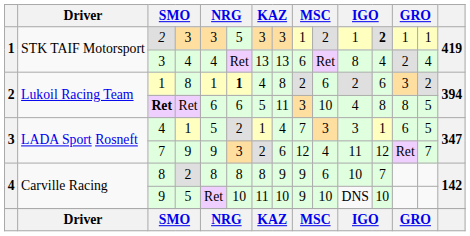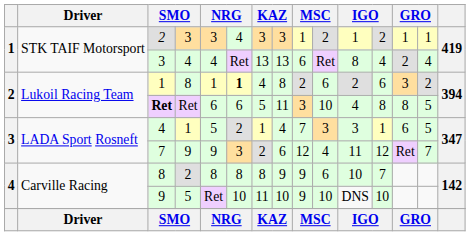 <table class="wikitable" style="font-size: 85%; text-align: center">
 <tr valign="top">
 <th valign="middle"></th>
 <th valign="middle">Driver</th>
 <th colspan=2><a href='#'>SMO</a></th>
 <th colspan=2><a href='#'>NRG</a></th>
 <th colspan=2><a href='#'>KAZ</a></th>
 <th colspan=2><a href='#'>MSC</a></th>
 <th colspan=2><a href='#'>IGO</a></th>
 <th colspan=2><a href='#'>GRO</a></th>
 <th valign="middle"></th>
 </tr>
 <tr>
 <th rowspan="2">1</th>
 <td rowspan="2" align=left> STK TAIF Motorsport</td>
 <td style="background:#dfdfdf;"><em>2</em></td>
 <td style="background:#ffdf9f;">3</td>
 <td style="background:#ffdf9f;">3</td>
-<td style="background:#dfffdf;">5</td>
+<td style="background:#dfffdf;">4</td>
 <td style="background:#ffdf9f;">3</td>
 <td style="background:#ffdf9f;">3</td>
 <td style="background:#ffffbf;">1</td>
 <td style="background:#dfdfdf;">2</td>
 <td style="background:#ffffbf;">1</td>
-<td style="background:#dfdfdf;"><strong>2</strong></td>
+<td style="background:#dfdfdf;">2</td>
 <td style="background:#ffffbf;">1</td>
 <td style="background:#ffffbf;"> 1 </td>
 <th rowspan="2">419</th>
 </tr>
 <tr>
 <td style="background:#dfffdf;">3</td>
 <td style="background:#dfffdf;">4</td>
 <td style="background:#dfffdf;">4</td>
 <td style="background:#efcfff;">Ret</td>
 <td style="background:#dfffdf;">13</td>
 <td style="background:#dfffdf;">13</td>
 <td style="background:#dfffdf;">6</td>
 <td style="background:#efcfff;">Ret</td>
 <td style="background:#dfffdf;">8</td>
 <td style="background:#dfffdf;">4</td>
 <td style="background:#dfdfdf;">2</td>
 <td style="background:#dfffdf;">4</td>
 </tr>
 <tr>
 <th rowspan="2">2</th>
 <td rowspan="2" align=left> <a href='#'>Lukoil Racing Team</a></td>
 <td style="background:#ffffbf;">1</td>
 <td style="background:#dfffdf;">8</td>
 <td style="background:#ffffbf;">1</td>
 <td style="background:#ffffbf;"><strong>1</strong></td>
 <td style="background:#dfffdf;">4</td>
 <td style="background:#dfffdf;">8</td>
 <td style="background:#dfdfdf;">2</td>
 <td style="background:#dfffdf;">6</td>
 <td style="background:#dfdfdf;">2</td>
 <td style="background:#dfffdf;">6</td>
 <td style="background:#ffdf9f;">3</td>
 <td style="background:#dfdfdf;">2</td>
 <th rowspan="2">394</th>
 </tr>
 <tr>
 <td style="background:#efcfff;"><strong>Ret</strong></td>
 <td style="background:#efcfff;">Ret</td>
 <td style="background:#dfffdf;">6</td>
 <td style="background:#dfffdf;">6</td>
 <td style="background:#dfffdf;">5</td>
 <td style="background:#dfffdf;">11</td>
 <td style="background:#ffdf9f;">3</td>
 <td style="background:#dfffdf;">10</td>
 <td style="background:#dfffdf;">4</td>
 <td style="background:#dfffdf;">8</td>
 <td style="background:#dfffdf;">8</td>
 <td style="background:#dfffdf;">5</td>
 </tr>
 <tr>
 <th rowspan="2">3</th>
 <td rowspan="2" align=left> <a href='#'>LADA Sport</a> <a href='#'>Rosneft</a></td>
 <td style="background:#dfffdf;">4</td>
 <td style="background:#ffffbf;">1</td>
 <td style="background:#dfffdf;">5</td>
 <td style="background:#dfdfdf;">2</td>
 <td style="background:#ffffbf;">1</td>
 <td style="background:#dfffdf;">4</td>
 <td style="background:#dfffdf;">7</td>
 <td style="background:#ffdf9f;">3</td>
 <td style="background:#dfffdf;">3</td>
 <td style="background:#ffffbf;">1</td>
 <td style="background:#dfffdf;">6</td>
 <td style="background:#dfffdf;">5</td>
 <th rowspan="2">347</th>
 </tr>
 <tr>
 <td style="background:#dfffdf;">7</td>
 <td style="background:#dfffdf;">9</td>
 <td style="background:#dfffdf;">9</td>
 <td style="background:#ffdf9f;">3</td>
 <td style="background:#dfdfdf;">2</td>
 <td style="background:#dfffdf;">6</td>
 <td style="background:#dfffdf;">12</td>
 <td style="background:#dfffdf;">4</td>
 <td style="background:#dfffdf;">11</td>
 <td style="background:#dfffdf;">12</td>
 <td style="background:#efcfff;">Ret</td>
 <td style="background:#dfffdf;">7</td>
 </tr>
 <tr>
 <th rowspan="2">4</th>
 <td rowspan="2" align=left> Carville Racing</td>
 <td style="background:#dfffdf;">8</td>
 <td style="background:#dfdfdf;">2</td>
 <td style="background:#dfffdf;">8</td>
 <td style="background:#dfffdf;">8</td>
 <td style="background:#dfffdf;">8</td>
 <td style="background:#dfffdf;">9</td>
 <td style="background:#dfffdf;">9</td>
 <td style="background:#dfffdf;">6</td>
 <td style="background:#dfffdf;">10</td>
 <td style="background:#dfffdf;">7</td>
 <td></td>
 <td></td>
 <th rowspan="2">142</th>
 </tr>
 <tr>
 <td style="background:#dfffdf;">9</td>
 <td style="background:#dfffdf;">5</td>
 <td style="background:#efcfff;">Ret</td>
 <td style="background:#dfffdf;">10</td>
 <td style="background:#dfffdf;">11</td>
 <td style="background:#dfffdf;">10</td>
 <td style="background:#dfffdf;">9</td>
 <td style="background:#dfffdf;">10</td>
 <td>DNS</td>
 <td style="background:#dfffdf;">10</td>
 <td></td>
 <td></td>
 </tr>
 <tr>
 </tr>
 <tr valign="top">
 <th valign="middle"></th>
 <th valign="middle">Driver</th>
 <th colspan=2><a href='#'>SMO</a></th>
 <th colspan=2><a href='#'>NRG</a></th>
 <th colspan=2><a href='#'>KAZ</a></th>
 <th colspan=2><a href='#'>MSC</a></th>
 <th colspan=2><a href='#'>IGO</a></th>
 <th colspan=2><a href='#'>GRO</a></th>
 <th valign="middle"></th>
 </tr>
 </table>
